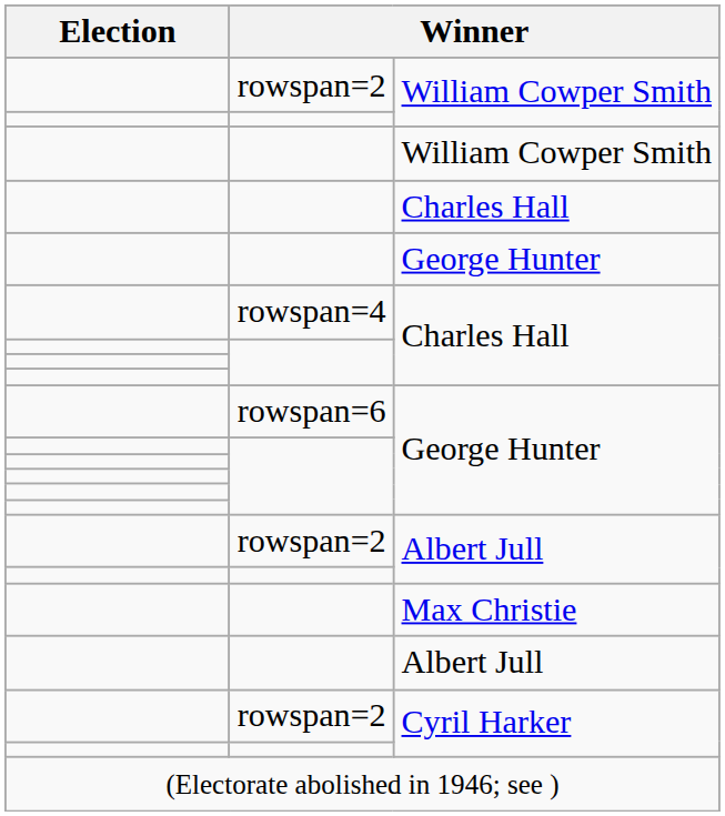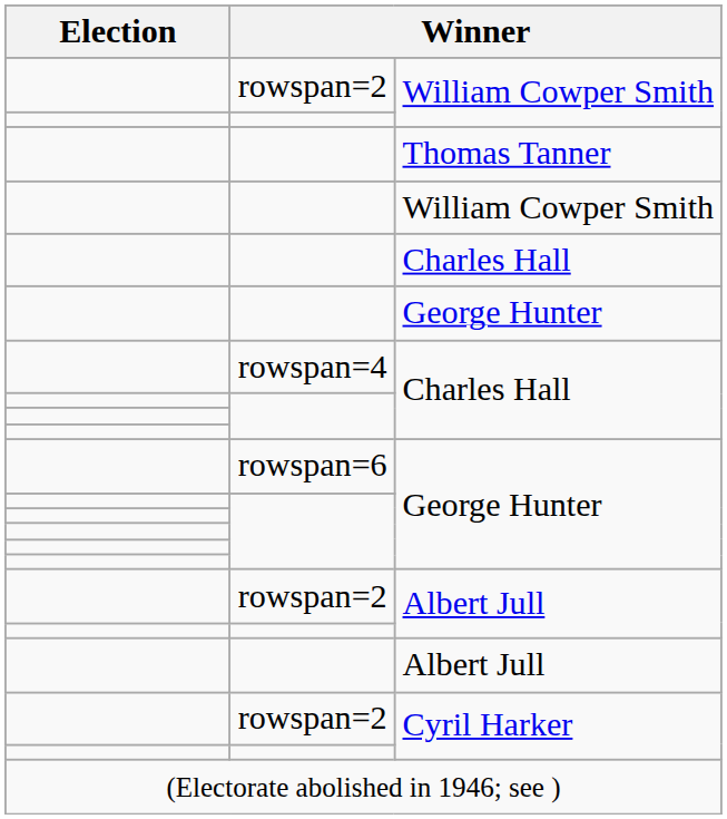 <table class=wikitable>
 <tr>
 <th width=100>Election</th>
 <th width=175 colspan=2>Winner</th>
 </tr>
 <tr>
 <td></td>
 <td>rowspan=2 </td>
 <td rowspan=2><a href='#'>William Cowper Smith</a></td>
 </tr>
 <tr>
 <td></td>
+</tr>
+<tr>
+<td></td>
+<td></td>
+<td><a href='#'>Thomas Tanner</a></td>
 </tr>
 <tr>
 <td></td>
 <td></td>
 <td>William Cowper Smith</td>
 </tr>
 <tr>
 <td></td>
 <td></td>
 <td><a href='#'>Charles Hall</a></td>
 </tr>
 <tr>
 <td></td>
 <td></td>
 <td><a href='#'>George Hunter</a></td>
 </tr>
 <tr>
 <td></td>
 <td>rowspan=4 </td>
 <td rowspan=4>Charles Hall</td>
 </tr>
 <tr>
 <td></td>
 </tr>
 <tr>
 <td></td>
 </tr>
 <tr>
 <td></td>
 </tr>
 <tr>
 <td></td>
 <td>rowspan=6 </td>
 <td rowspan=6>George Hunter</td>
 </tr>
 <tr>
 <td></td>
 </tr>
 <tr>
 <td></td>
 </tr>
 <tr>
 <td></td>
 </tr>
 <tr>
 <td></td>
 </tr>
 <tr>
 <td></td>
 </tr>
 <tr>
 <td></td>
 <td>rowspan=2 </td>
 <td rowspan=2><a href='#'>Albert Jull</a></td>
 </tr>
 <tr>
 <td></td>
 </tr>
 <tr>
 <td></td>
 <td></td>
-<td><a href='#'>Max Christie</a></td>
-</tr>
-<tr>
-<td></td>
-<td></td>
 <td>Albert Jull</td>
 </tr>
 <tr>
 <td></td>
 <td>rowspan=2 </td>
 <td rowspan=2><a href='#'>Cyril Harker</a></td>
 </tr>
 <tr>
 <td></td>
 </tr>
 <tr>
 <td colspan=3 align=center><small>(Electorate abolished in 1946; see )</small></td>
 </tr>
 </table>
